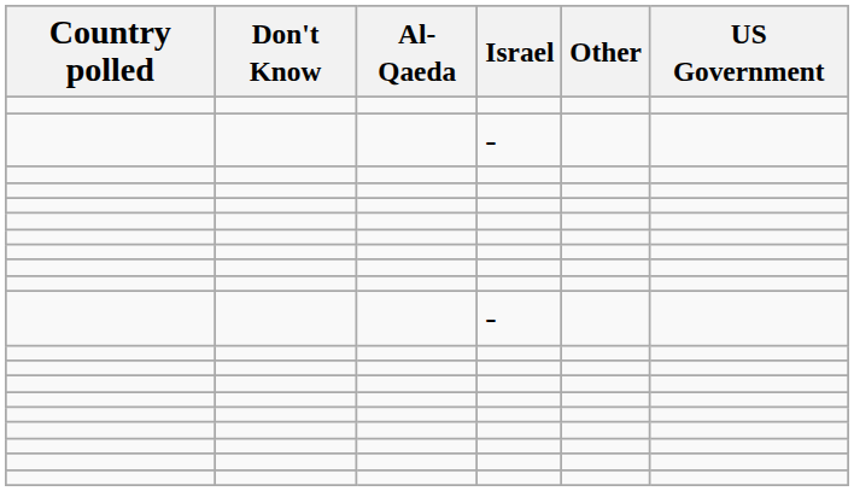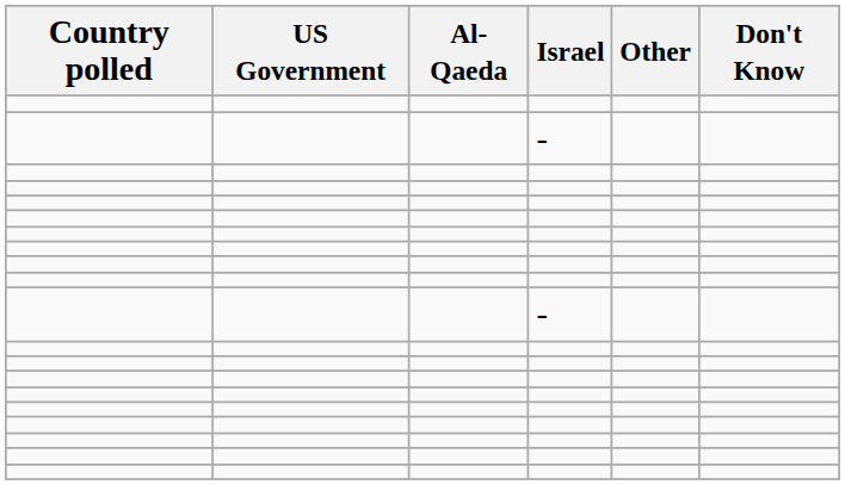 <table class="wikitable sortable" style="width:400px; border:1px black;">
 <tr>
 <th>Country polled</th>
-<th><small> Don't Know </small></th>
+<th><small> US Government</small></th>
 <th><small>Al-Qaeda</small></th>
 <th><small>Israel</small></th>
 <th><small> Other </small></th>
-<th><small> US Government</small></th>
+<th><small> Don't Know </small></th>
 </tr>
 <tr>
 <td></td>
 <td></td>
 <td></td>
 <td></td>
 <td></td>
 <td></td>
 </tr>
 <tr>
 <td></td>
 <td></td>
 <td></td>
 <td>-</td>
 <td></td>
 <td></td>
 </tr>
 <tr>
 <td></td>
 <td></td>
 <td></td>
 <td></td>
 <td></td>
 <td></td>
 </tr>
 <tr>
 <td></td>
 <td></td>
 <td></td>
 <td></td>
 <td></td>
 <td></td>
 </tr>
 <tr>
 <td></td>
 <td></td>
 <td></td>
 <td></td>
 <td></td>
 <td></td>
 </tr>
 <tr>
 <td></td>
 <td></td>
 <td></td>
 <td></td>
 <td></td>
 <td></td>
 </tr>
 <tr>
 <td></td>
 <td></td>
 <td></td>
 <td></td>
 <td></td>
 <td></td>
 </tr>
 <tr>
 <td></td>
 <td></td>
 <td></td>
 <td></td>
 <td></td>
 <td></td>
 </tr>
 <tr>
 <td></td>
 <td></td>
 <td></td>
 <td></td>
 <td></td>
 <td></td>
 </tr>
 <tr>
 <td></td>
 <td></td>
 <td></td>
 <td></td>
 <td></td>
 <td></td>
 </tr>
 <tr>
 <td></td>
 <td></td>
 <td></td>
 <td>-</td>
 <td></td>
 <td></td>
 </tr>
 <tr>
 <td></td>
 <td></td>
 <td></td>
 <td></td>
 <td></td>
 <td></td>
 </tr>
 <tr>
 <td></td>
 <td></td>
 <td></td>
 <td></td>
 <td></td>
 <td></td>
 </tr>
 <tr>
 <td></td>
 <td></td>
 <td></td>
 <td></td>
 <td></td>
 <td></td>
 </tr>
 <tr>
 <td></td>
 <td></td>
 <td></td>
 <td></td>
 <td></td>
 <td></td>
 </tr>
 <tr>
 <td></td>
 <td></td>
 <td></td>
 <td></td>
 <td></td>
 <td></td>
 </tr>
 <tr>
 <td></td>
 <td></td>
 <td></td>
 <td></td>
 <td></td>
 <td></td>
 </tr>
 <tr>
 <td></td>
 <td></td>
 <td></td>
 <td></td>
 <td></td>
 <td></td>
 </tr>
 <tr>
 <td></td>
 <td></td>
 <td></td>
 <td></td>
 <td></td>
 <td></td>
 </tr>
 <tr>
 <td></td>
 <td></td>
 <td></td>
 <td></td>
 <td></td>
 <td></td>
 </tr>
 </table>
